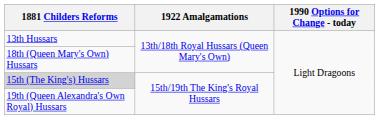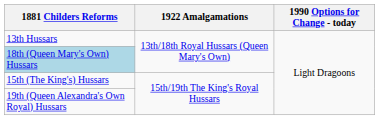 <table class="wikitable">
 <tr>
 <th>1881 <a href='#'>Childers Reforms</a></th>
 <th>1922 Amalgamations</th>
 <th>1990 <a href='#'>Options for Change</a> - today</th>
 </tr>
 <tr>
 <td><a href='#'>13th Hussars</a></td>
 <td rowspan="2" style="text-align:center;"><a href='#'>13th/18th Royal Hussars (Queen Mary's Own)</a></td>
 <td rowspan="4" style="text-align:center;">Light Dragoons</td>
 </tr>
 <tr>
-<td><a href='#'>18th (Queen Mary's Own) Hussars</a></td>
+<td style="background: lightblue;"><a href='#'>18th (Queen Mary's Own) Hussars</a></td>
 </tr>
 <tr>
-<td style="background: lightgrey;"><a href='#'>15th (The King's) Hussars</a></td>
+<td><a href='#'>15th (The King's) Hussars</a></td>
 <td rowspan="2" style="text-align:center;"><a href='#'>15th/19th The King's Royal Hussars</a></td>
 </tr>
 <tr>
 <td><a href='#'>19th (Queen Alexandra's Own Royal) Hussars</a></td>
 </tr>
 </table>
